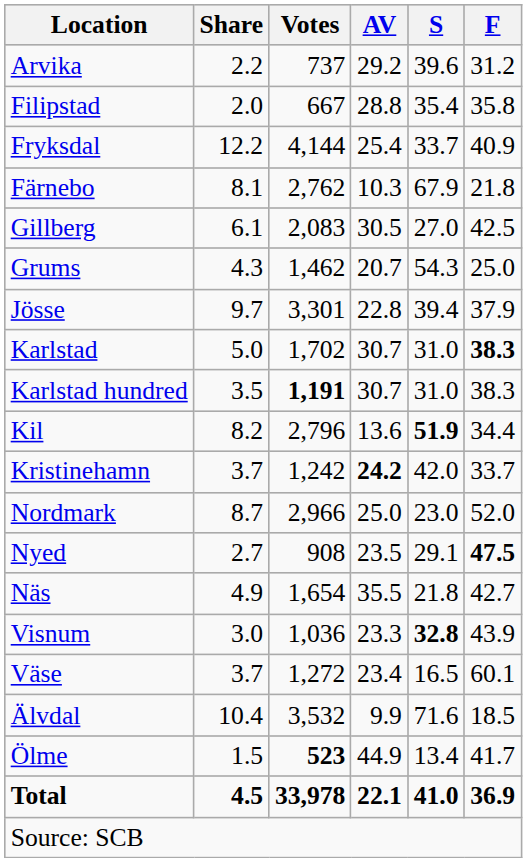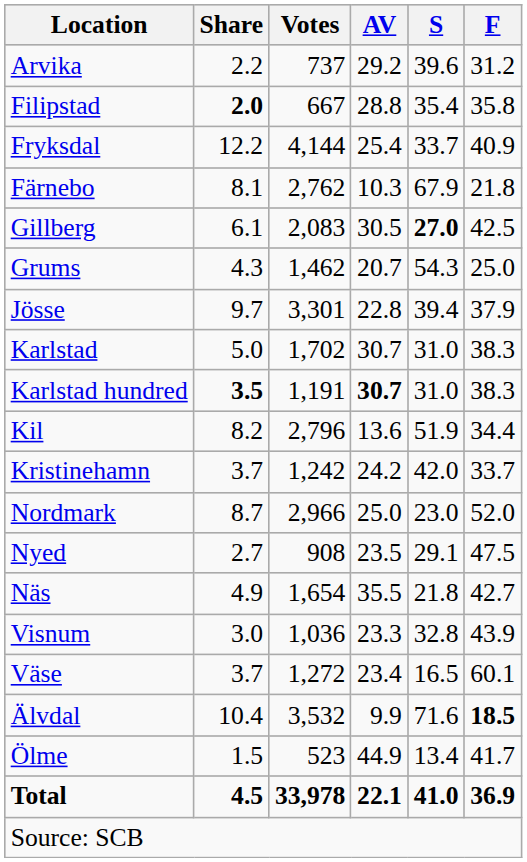 <table class="wikitable sortable" style=text-align:right>
 <tr>
 <th>Location</th>
 <th>Share</th>
 <th>Votes</th>
 <th><a href='#'>AV</a></th>
 <th><a href='#'>S</a></th>
 <th><a href='#'>F</a></th>
 </tr>
 <tr>
 <td align=left><a href='#'>Arvika</a></td>
 <td>2.2</td>
 <td>737</td>
 <td>29.2</td>
 <td>39.6</td>
 <td>31.2</td>
 </tr>
 <tr>
 <td align=left><a href='#'>Filipstad</a></td>
-<td>2.0</td>
+<td><strong>2.0</strong></td>
 <td>667</td>
 <td>28.8</td>
 <td>35.4</td>
 <td>35.8</td>
 </tr>
 <tr>
 <td align=left><a href='#'>Fryksdal</a></td>
 <td>12.2</td>
 <td>4,144</td>
 <td>25.4</td>
 <td>33.7</td>
 <td>40.9</td>
 </tr>
 <tr>
 <td align=left><a href='#'>Färnebo</a></td>
 <td>8.1</td>
 <td>2,762</td>
 <td>10.3</td>
 <td>67.9</td>
 <td>21.8</td>
 </tr>
 <tr>
 <td align=left><a href='#'>Gillberg</a></td>
 <td>6.1</td>
 <td>2,083</td>
 <td>30.5</td>
-<td>27.0</td>
+<td><strong>27.0</strong></td>
 <td>42.5</td>
 </tr>
 <tr>
 <td align=left><a href='#'>Grums</a></td>
 <td>4.3</td>
 <td>1,462</td>
 <td>20.7</td>
 <td>54.3</td>
 <td>25.0</td>
 </tr>
 <tr>
 <td align=left><a href='#'>Jösse</a></td>
 <td>9.7</td>
 <td>3,301</td>
 <td>22.8</td>
 <td>39.4</td>
 <td>37.9</td>
 </tr>
 <tr>
 <td align=left><a href='#'>Karlstad</a></td>
 <td>5.0</td>
 <td>1,702</td>
 <td>30.7</td>
 <td>31.0</td>
-<td><strong>38.3</strong></td>
+<td>38.3</td>
 </tr>
 <tr>
 <td align=left><a href='#'>Karlstad hundred</a></td>
-<td>3.5</td>
-<td><strong>1,191</strong></td>
-<td>30.7</td>
+<td><strong>3.5</strong></td>
+<td>1,191</td>
+<td><strong>30.7</strong></td>
 <td>31.0</td>
 <td>38.3</td>
 </tr>
 <tr>
 <td align=left><a href='#'>Kil</a></td>
 <td>8.2</td>
 <td>2,796</td>
 <td>13.6</td>
-<td><strong>51.9</strong></td>
+<td>51.9</td>
 <td>34.4</td>
 </tr>
 <tr>
 <td align=left><a href='#'>Kristinehamn</a></td>
 <td>3.7</td>
 <td>1,242</td>
-<td><strong>24.2</strong></td>
+<td>24.2</td>
 <td>42.0</td>
 <td>33.7</td>
 </tr>
 <tr>
 <td align=left><a href='#'>Nordmark</a></td>
 <td>8.7</td>
 <td>2,966</td>
 <td>25.0</td>
 <td>23.0</td>
 <td>52.0</td>
 </tr>
 <tr>
 <td align=left><a href='#'>Nyed</a></td>
 <td>2.7</td>
 <td>908</td>
 <td>23.5</td>
 <td>29.1</td>
-<td><strong>47.5</strong></td>
+<td>47.5</td>
 </tr>
 <tr>
 <td align=left><a href='#'>Näs</a></td>
 <td>4.9</td>
 <td>1,654</td>
 <td>35.5</td>
 <td>21.8</td>
 <td>42.7</td>
 </tr>
 <tr>
 <td align=left><a href='#'>Visnum</a></td>
 <td>3.0</td>
 <td>1,036</td>
 <td>23.3</td>
-<td><strong>32.8</strong></td>
+<td>32.8</td>
 <td>43.9</td>
 </tr>
 <tr>
 <td align=left><a href='#'>Väse</a></td>
 <td>3.7</td>
 <td>1,272</td>
 <td>23.4</td>
 <td>16.5</td>
 <td>60.1</td>
 </tr>
 <tr>
 <td align=left><a href='#'>Älvdal</a></td>
 <td>10.4</td>
 <td>3,532</td>
 <td>9.9</td>
 <td>71.6</td>
-<td>18.5</td>
+<td><strong>18.5</strong></td>
 </tr>
 <tr>
 <td align=left><a href='#'>Ölme</a></td>
 <td>1.5</td>
-<td><strong>523</strong></td>
+<td>523</td>
 <td>44.9</td>
 <td>13.4</td>
 <td>41.7</td>
 </tr>
 <tr>
 <td align=left><strong>Total</strong></td>
 <td><strong>4.5</strong></td>
 <td><strong>33,978</strong></td>
 <td><strong>22.1</strong></td>
 <td><strong>41.0</strong></td>
 <td><strong>36.9</strong></td>
 </tr>
 <tr>
 <td align=left colspan=6>Source: SCB </td>
 </tr>
 </table>
